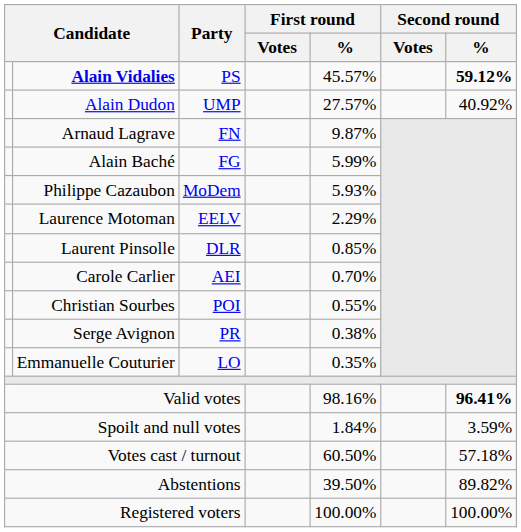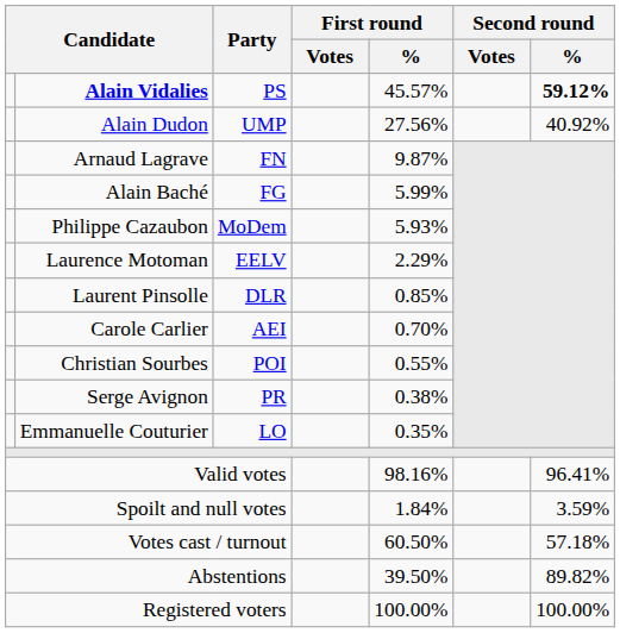 <table class="wikitable" style="text-align:right;font-size:95%;">
 <tr>
 <th rowspan=2 colspan=2>Candidate</th>
 <th rowspan=2 colspan=1>Party</th>
 <th colspan=2>First round</th>
 <th colspan=2>Second round</th>
 </tr>
 <tr>
 <th style="width:50px;">Votes</th>
 <th style="width:55px;">%</th>
 <th style="width:50px;">Votes</th>
 <th style="width:55px;">%</th>
 </tr>
 <tr>
 <td style="color:inherit;background-color:"></td>
 <td><strong><a href='#'>Alain Vidalies</a></strong></td>
 <td><a href='#'>PS</a></td>
 <td></td>
 <td>45.57%</td>
 <td><strong></strong></td>
 <td><strong>59.12%</strong></td>
 </tr>
 <tr>
 <td style="color:inherit;background-color:"></td>
 <td><a href='#'>Alain Dudon</a></td>
 <td><a href='#'>UMP</a></td>
 <td></td>
-<td>27.57%</td>
+<td>27.56%</td>
 <td></td>
 <td>40.92%</td>
 </tr>
 <tr>
 <td style="color:inherit;background-color:"></td>
 <td>Arnaud Lagrave</td>
 <td><a href='#'>FN</a></td>
 <td></td>
 <td>9.87%</td>
 <td colspan=7 rowspan=9 style="background-color:#E9E9E9;"></td>
 </tr>
 <tr>
 <td style="color:inherit;background-color:"></td>
 <td>Alain Baché</td>
 <td><a href='#'>FG</a></td>
 <td></td>
 <td>5.99%</td>
 </tr>
 <tr>
 <td style="color:inherit;background-color:"></td>
 <td>Philippe Cazaubon</td>
 <td><a href='#'>MoDem</a></td>
 <td></td>
 <td>5.93%</td>
 </tr>
 <tr>
 <td style="color:inherit;background-color:"></td>
 <td>Laurence Motoman</td>
 <td><a href='#'>EELV</a></td>
 <td></td>
 <td>2.29%</td>
 </tr>
 <tr>
 <td style="color:inherit;background-color:"></td>
 <td>Laurent Pinsolle</td>
 <td><a href='#'>DLR</a></td>
 <td></td>
 <td>0.85%</td>
 </tr>
 <tr>
 <td style="color:inherit;background-color:"></td>
 <td>Carole Carlier</td>
 <td><a href='#'>AEI</a></td>
 <td></td>
 <td>0.70%</td>
 </tr>
 <tr>
 <td style="color:inherit;background-color:"></td>
 <td>Christian Sourbes</td>
 <td><a href='#'>POI</a></td>
 <td></td>
 <td>0.55%</td>
 </tr>
 <tr>
 <td style="color:inherit;background-color:"></td>
 <td>Serge Avignon</td>
 <td><a href='#'>PR</a></td>
 <td></td>
 <td>0.38%</td>
 </tr>
 <tr>
 <td style="color:inherit;background-color:"></td>
 <td>Emmanuelle Couturier</td>
 <td><a href='#'>LO</a></td>
 <td></td>
 <td>0.35%</td>
 </tr>
 <tr>
 <td colspan=7 style="background-color:#E9E9E9;"></td>
 </tr>
 <tr>
 <td colspan=3>Valid votes</td>
 <td></td>
 <td>98.16%</td>
 <td></td>
-<td><strong>96.41%</strong></td>
+<td>96.41%</td>
 </tr>
 <tr>
 <td colspan=3>Spoilt and null votes</td>
 <td></td>
 <td>1.84%</td>
 <td></td>
 <td>3.59%</td>
 </tr>
 <tr>
 <td colspan=3>Votes cast / turnout</td>
 <td></td>
 <td>60.50%</td>
 <td></td>
 <td>57.18%</td>
 </tr>
 <tr>
 <td colspan=3>Abstentions</td>
 <td></td>
 <td>39.50%</td>
 <td></td>
 <td>89.82%</td>
 </tr>
 <tr>
 <td colspan=3>Registered voters</td>
 <td></td>
 <td>100.00%</td>
 <td></td>
 <td>100.00%</td>
 </tr>
 </table>
